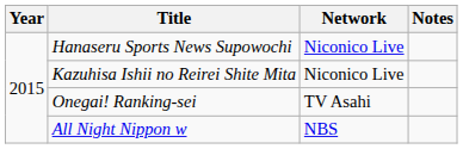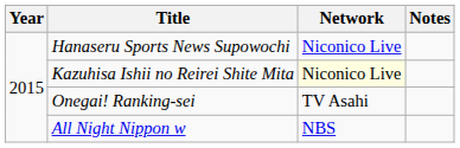 <table class="wikitable">
 <tr>
 <th>Year</th>
 <th>Title</th>
 <th>Network</th>
 <th>Notes</th>
 </tr>
 <tr>
 <td rowspan="4">2015</td>
 <td><em>Hanaseru Sports News Supowochi</em></td>
 <td><a href='#'>Niconico Live</a></td>
 <td></td>
 </tr>
 <tr>
 <td><em>Kazuhisa Ishii no Reirei Shite Mita</em></td>
-<td>Niconico Live</td>
+<td style="background: lightyellow;">Niconico Live</td>
 <td></td>
 </tr>
 <tr>
 <td><em>Onegai! Ranking-sei</em></td>
 <td>TV Asahi</td>
 <td></td>
 </tr>
 <tr>
 <td><em><a href='#'>All Night Nippon w</a></em></td>
 <td><a href='#'>NBS</a></td>
 <td></td>
 </tr>
 </table>
